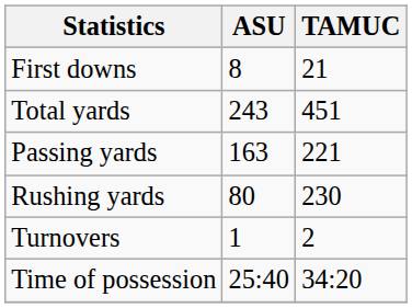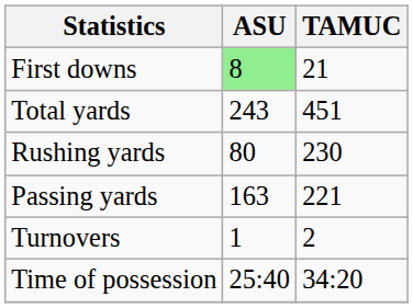 <table class="wikitable" style="float: left;">
 <tr>
 <th>Statistics</th>
 <th>ASU</th>
 <th>TAMUC</th>
 </tr>
 <tr>
 <td>First downs</td>
-<td>8</td>
+<td style="background: lightgreen;">8</td>
 <td>21</td>
 </tr>
 <tr>
 <td>Total yards</td>
 <td>243</td>
 <td>451</td>
 </tr>
 <tr>
+<td>Rushing yards</td>
+<td>80</td>
+<td>230</td>
+</tr>
+<tr>
 <td>Passing yards</td>
 <td>163</td>
 <td>221</td>
-</tr>
-<tr>
-<td>Rushing yards</td>
-<td>80</td>
-<td>230</td>
 </tr>
 <tr>
 <td>Turnovers</td>
 <td>1</td>
 <td>2</td>
 </tr>
 <tr>
 <td>Time of possession</td>
 <td>25:40</td>
 <td>34:20</td>
 </tr>
 <tr>
 </tr>
 </table>
